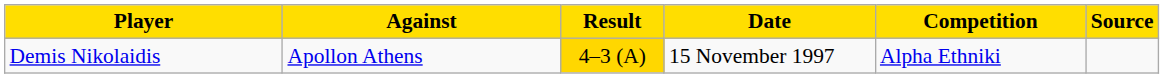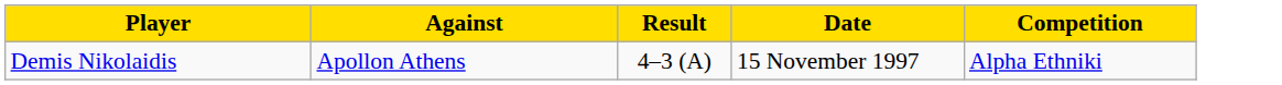 <table class="wikitable">
 <tr>
 <th width=200 style="background:#FFDE00">Player</th>
 <th width=200 style="background:#FFDE00">Against</th>
 <th width=70 style="background:#FFDE00">Result</th>
 <th width=150 style="background:#FFDE00">Date</th>
 <th width=150 style="background:#FFDE00">Competition</th>
-<th style="background:#FFDE00">Source</th>
 </tr>
 <tr>
 <td> <a href='#'>Demis Nikolaidis</a></td>
 <td> <a href='#'>Apollon Athens</a></td>
-<td align=center style="background: gold;">4–3 (A)</td>
+<td align=center>4–3 (A)</td>
 <td>15 November 1997</td>
 <td><a href='#'>Alpha Ethniki</a></td>
-<td align=center></td>
 </tr>
 </table>
